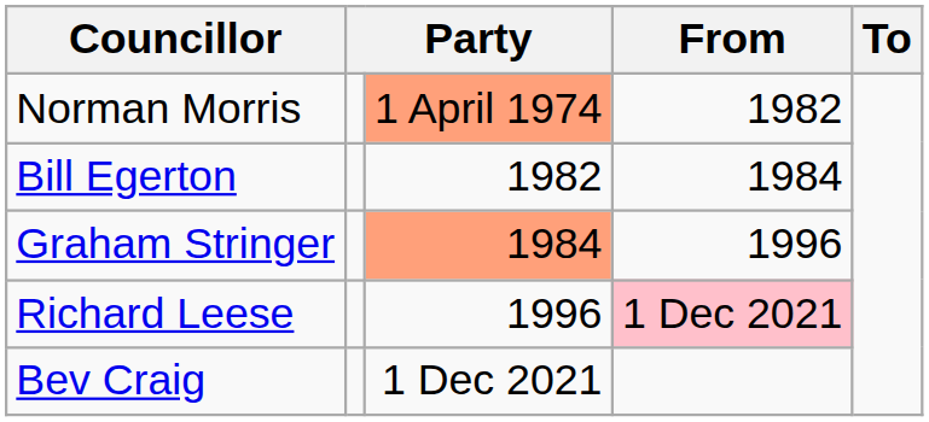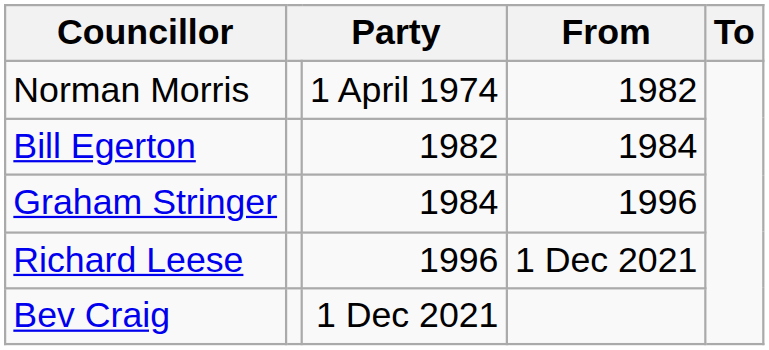 <table class=wikitable>
 <tr>
 <th>Councillor</th>
 <th colspan=2>Party</th>
 <th>From</th>
 <th>To</th>
 </tr>
 <tr>
 <td>Norman Morris</td>
 <td></td>
-<td align=right style="background: lightsalmon;">1 April 1974</td>
+<td align=right>1 April 1974</td>
 <td align=right>1982</td>
 </tr>
 <tr>
 <td><a href='#'>Bill Egerton</a></td>
 <td></td>
 <td align=right>1982</td>
 <td align=right>1984</td>
 </tr>
 <tr>
 <td><a href='#'>Graham Stringer</a></td>
 <td></td>
-<td align=right style="background: lightsalmon;">1984</td>
+<td align=right>1984</td>
 <td align=right>1996</td>
 </tr>
 <tr>
 <td><a href='#'>Richard Leese</a></td>
 <td></td>
 <td align=right>1996</td>
-<td align=right style="background: pink;">1 Dec 2021</td>
+<td align=right>1 Dec 2021</td>
 </tr>
 <tr>
 <td><a href='#'>Bev Craig</a></td>
 <td></td>
 <td align=right>1 Dec 2021</td>
 <td align=right></td>
 </tr>
 </table>
